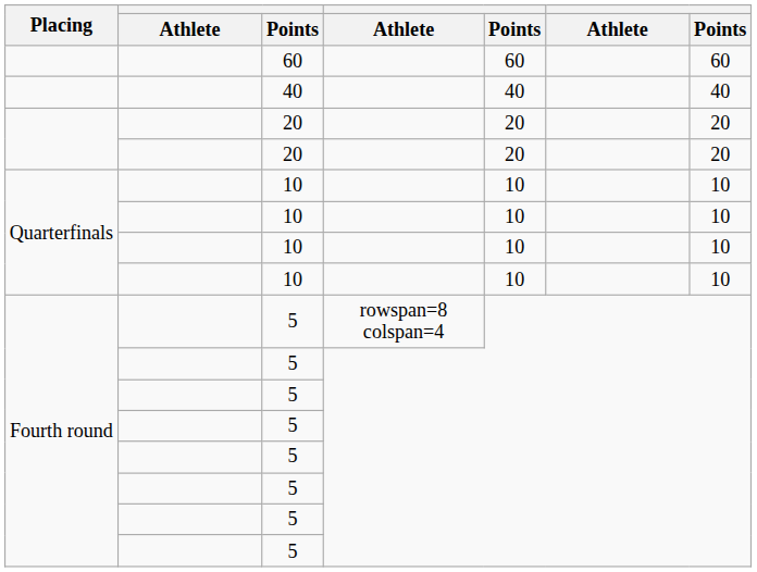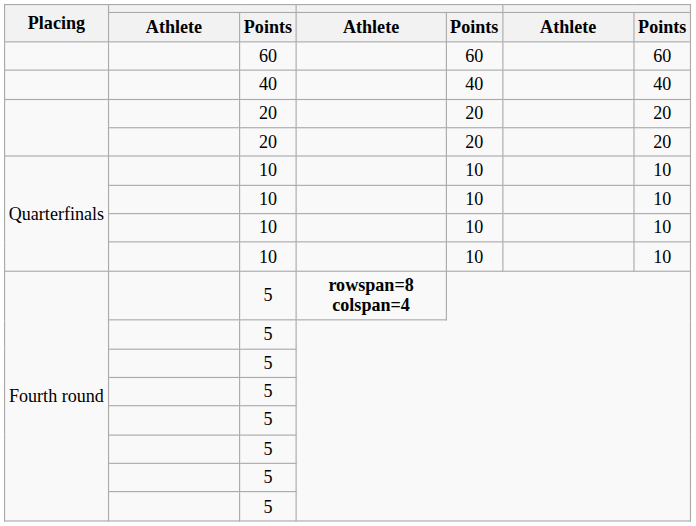 <table class="wikitable" style="text-align:center;">
 <tr>
 <th rowspan=2>Placing</th>
 <th colspan=2></th>
 <th colspan=2></th>
 <th colspan=2></th>
 </tr>
 <tr>
 <th style="width:210px;">Athlete</th>
 <th>Points</th>
 <th style="width:210px;">Athlete</th>
 <th>Points</th>
 <th style="width:210px;">Athlete</th>
 <th>Points</th>
 </tr>
 <tr>
 <td></td>
 <td align=left></td>
 <td>60</td>
 <td align=left><br></td>
 <td>60</td>
 <td align=left><br></td>
 <td>60</td>
 </tr>
 <tr>
 <td></td>
 <td align=left></td>
 <td>40</td>
 <td align=left><br></td>
 <td>40</td>
 <td align=left><br></td>
 <td>40</td>
 </tr>
 <tr>
 <td rowspan=2></td>
 <td align=left></td>
 <td>20</td>
 <td align=left><br></td>
 <td>20</td>
 <td align=left><br></td>
 <td>20</td>
 </tr>
 <tr>
 <td align=left></td>
 <td>20</td>
 <td align=left><br></td>
 <td>20</td>
 <td align=left><br></td>
 <td>20</td>
 </tr>
 <tr>
 <td rowspan=4>Quarterfinals</td>
 <td align=left></td>
 <td>10</td>
 <td align=left><br></td>
 <td>10</td>
 <td align=left><br></td>
 <td>10</td>
 </tr>
 <tr>
 <td align=left></td>
 <td>10</td>
 <td align=left><br></td>
 <td>10</td>
 <td align=left><br></td>
 <td>10</td>
 </tr>
 <tr>
 <td align=left></td>
 <td>10</td>
 <td align=left><br></td>
 <td>10</td>
 <td align=left><br></td>
 <td>10</td>
 </tr>
 <tr>
 <td align=left></td>
 <td>10</td>
 <td align=left><br></td>
 <td>10</td>
 <td align=left></td>
 <td>10</td>
 </tr>
 <tr>
 <td rowspan=8>Fourth round</td>
 <td align=left></td>
 <td>5</td>
-<td>rowspan=8 colspan=4 </td>
+<td><strong>rowspan=8 colspan=4 </strong></td>
 </tr>
 <tr>
 <td align=left></td>
 <td>5</td>
 </tr>
 <tr>
 <td align=left></td>
 <td>5</td>
 </tr>
 <tr>
 <td align=left></td>
 <td>5</td>
 </tr>
 <tr>
 <td align=left></td>
 <td>5</td>
 </tr>
 <tr>
 <td align=left></td>
 <td>5</td>
 </tr>
 <tr>
 <td align=left></td>
 <td>5</td>
 </tr>
 <tr>
 <td align=left></td>
 <td>5</td>
 </tr>
 </table>
